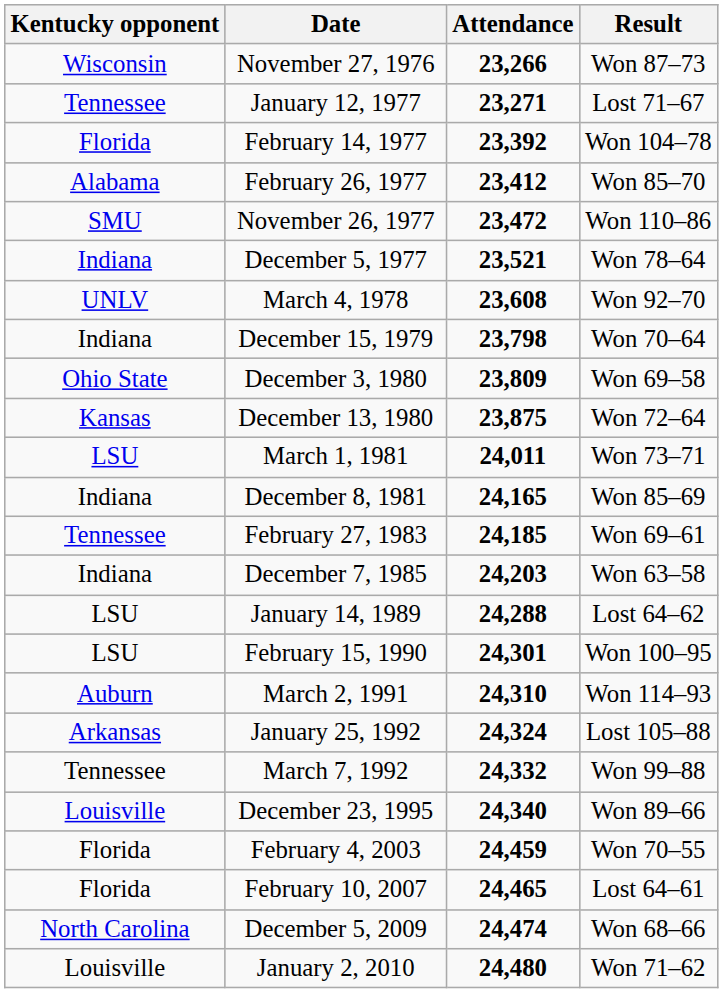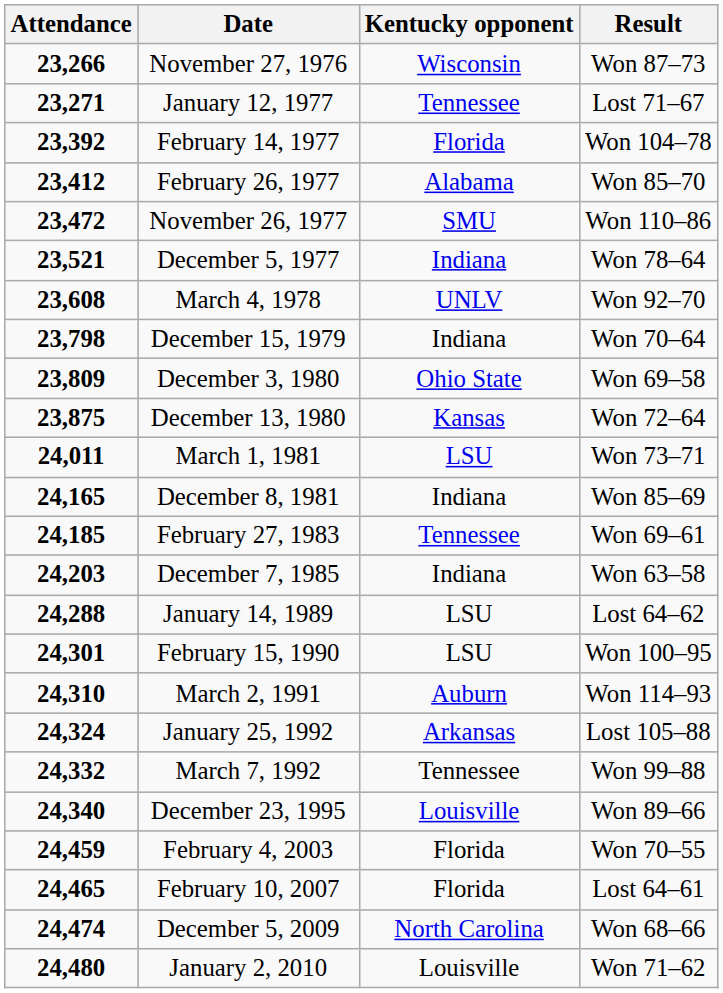 <table class="wikitable">
 <tr>
+<th>Attendance</th>
+<th>Date</th>
 <th>Kentucky opponent</th>
-<th>Date</th>
-<th>Attendance</th>
 <th>Result</th>
 </tr>
 <tr align=center>
+<td><strong>23,266</strong></td>
+<td> November 27, 1976 </td>
 <td><a href='#'>Wisconsin</a></td>
-<td> November 27, 1976 </td>
-<td><strong>23,266</strong></td>
 <td> Won 87–73</td>
 </tr>
 <tr align=center>
+<td><strong>23,271</strong></td>
+<td>January 12, 1977</td>
 <td><a href='#'>Tennessee</a></td>
-<td>January 12, 1977</td>
-<td><strong>23,271</strong></td>
 <td> Lost 71–67 </td>
 </tr>
 <tr align=center>
+<td><strong>23,392</strong></td>
+<td>February 14, 1977</td>
 <td><a href='#'>Florida</a></td>
-<td>February 14, 1977</td>
-<td><strong>23,392</strong></td>
 <td> Won 104–78</td>
 </tr>
 <tr align=center>
+<td><strong>23,412</strong></td>
+<td>February 26, 1977</td>
 <td><a href='#'>Alabama</a></td>
-<td>February 26, 1977</td>
-<td><strong>23,412</strong></td>
 <td> Won 85–70</td>
 </tr>
 <tr align=center>
+<td><strong>23,472</strong></td>
+<td>November 26, 1977</td>
 <td><a href='#'>SMU</a></td>
-<td>November 26, 1977</td>
-<td><strong>23,472</strong></td>
 <td> Won 110–86</td>
 </tr>
 <tr align=center>
+<td><strong>23,521</strong></td>
+<td>December 5, 1977</td>
 <td><a href='#'>Indiana</a></td>
-<td>December 5, 1977</td>
-<td><strong>23,521</strong></td>
 <td> Won 78–64</td>
 </tr>
 <tr align=center>
+<td><strong>23,608</strong></td>
+<td>March 4, 1978</td>
 <td><a href='#'>UNLV</a></td>
-<td>March 4, 1978</td>
-<td><strong>23,608</strong></td>
 <td> Won 92–70</td>
 </tr>
 <tr align=center>
+<td><strong>23,798</strong></td>
+<td>December 15, 1979</td>
 <td>Indiana</td>
-<td>December 15, 1979</td>
-<td><strong>23,798</strong></td>
 <td> Won 70–64</td>
 </tr>
 <tr align=center>
+<td><strong>23,809</strong></td>
+<td>December 3, 1980</td>
 <td><a href='#'>Ohio State</a></td>
-<td>December 3, 1980</td>
-<td><strong>23,809</strong></td>
 <td> Won 69–58</td>
 </tr>
 <tr align=center>
+<td><strong>23,875</strong></td>
+<td>December 13, 1980</td>
 <td><a href='#'>Kansas</a></td>
-<td>December 13, 1980</td>
-<td><strong>23,875</strong></td>
 <td> Won 72–64</td>
 </tr>
 <tr align=center>
+<td><strong>24,011</strong></td>
+<td>March 1, 1981</td>
 <td><a href='#'>LSU</a></td>
-<td>March 1, 1981</td>
-<td><strong>24,011</strong></td>
 <td> Won 73–71</td>
 </tr>
 <tr align=center>
+<td><strong>24,165</strong></td>
+<td>December 8, 1981</td>
 <td>Indiana</td>
-<td>December 8, 1981</td>
-<td><strong>24,165</strong></td>
 <td> Won 85–69</td>
 </tr>
 <tr align=center>
+<td><strong>24,185</strong></td>
+<td>February 27, 1983</td>
 <td><a href='#'>Tennessee</a></td>
-<td>February 27, 1983</td>
-<td><strong>24,185</strong></td>
 <td> Won 69–61</td>
 </tr>
 <tr align=center>
+<td><strong>24,203</strong></td>
+<td>December 7, 1985</td>
 <td>Indiana</td>
-<td>December 7, 1985</td>
-<td><strong>24,203</strong></td>
 <td> Won 63–58</td>
 </tr>
 <tr align=center>
+<td><strong>24,288</strong></td>
+<td>January 14, 1989</td>
 <td>LSU</td>
-<td>January 14, 1989</td>
-<td><strong>24,288</strong></td>
 <td> Lost 64–62</td>
 </tr>
 <tr align=center>
+<td><strong>24,301</strong></td>
+<td>February 15, 1990</td>
 <td>LSU</td>
-<td>February 15, 1990</td>
-<td><strong>24,301</strong></td>
 <td> Won 100–95</td>
 </tr>
 <tr align=center>
+<td><strong>24,310</strong></td>
+<td>March 2, 1991</td>
 <td><a href='#'>Auburn</a></td>
-<td>March 2, 1991</td>
-<td><strong>24,310</strong></td>
 <td> Won 114–93</td>
 </tr>
 <tr align=center>
+<td><strong>24,324</strong></td>
+<td>January 25, 1992</td>
 <td><a href='#'>Arkansas</a></td>
-<td>January 25, 1992</td>
-<td><strong>24,324</strong></td>
 <td> Lost 105–88</td>
 </tr>
 <tr align=center>
+<td><strong>24,332</strong></td>
+<td>March 7, 1992</td>
 <td>Tennessee</td>
-<td>March 7, 1992</td>
-<td><strong>24,332</strong></td>
 <td> Won 99–88</td>
 </tr>
 <tr align=center>
+<td><strong>24,340</strong></td>
+<td>December 23, 1995</td>
 <td><a href='#'>Louisville</a></td>
-<td>December 23, 1995</td>
-<td><strong>24,340</strong></td>
 <td> Won 89–66</td>
 </tr>
 <tr align=center>
+<td><strong>24,459</strong></td>
+<td>February 4, 2003</td>
 <td>Florida</td>
-<td>February 4, 2003</td>
-<td><strong>24,459</strong></td>
 <td> Won 70–55</td>
 </tr>
 <tr align=center>
+<td><strong>24,465</strong></td>
+<td>February 10, 2007</td>
 <td>Florida</td>
-<td>February 10, 2007</td>
-<td><strong>24,465</strong></td>
 <td> Lost 64–61</td>
 </tr>
 <tr align=center>
+<td><strong>24,474</strong></td>
+<td>December 5, 2009</td>
 <td><a href='#'>North Carolina</a></td>
-<td>December 5, 2009</td>
-<td><strong>24,474</strong></td>
 <td> Won 68–66</td>
 </tr>
 <tr align=center>
+<td><strong>24,480</strong></td>
+<td>January 2, 2010</td>
 <td>Louisville</td>
-<td>January 2, 2010</td>
-<td><strong>24,480</strong></td>
 <td> Won 71–62</td>
 </tr>
 </table>
